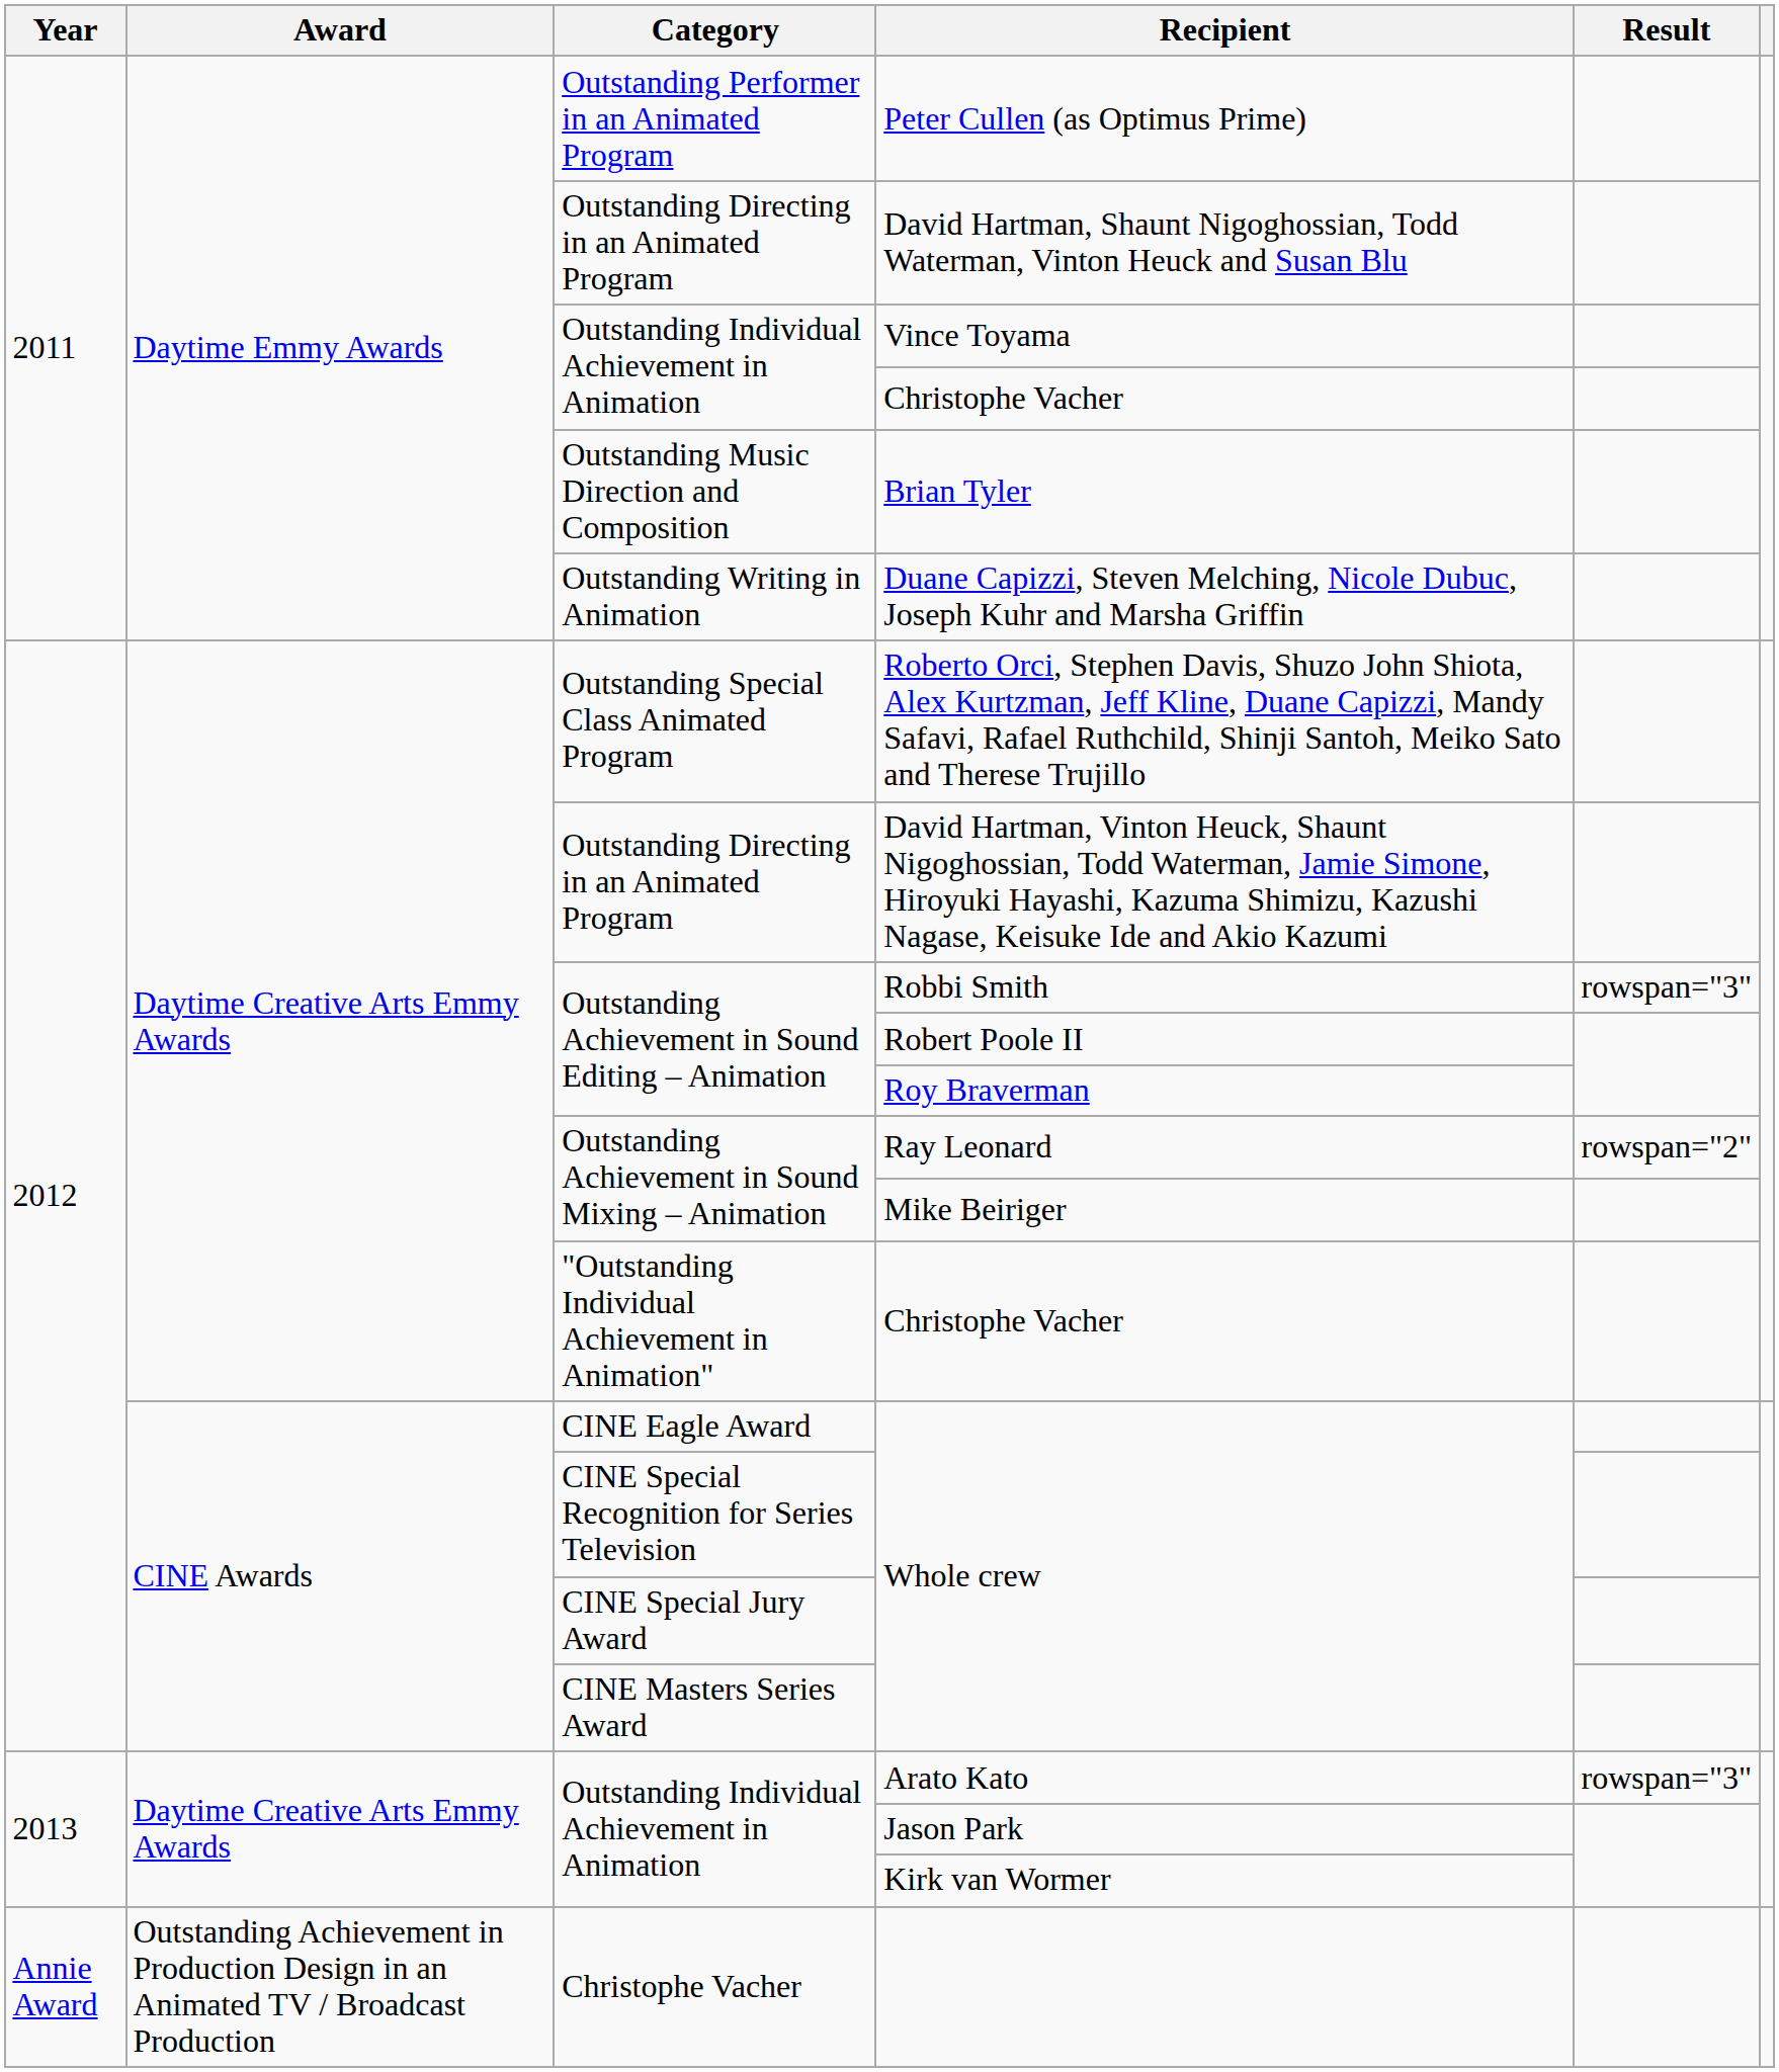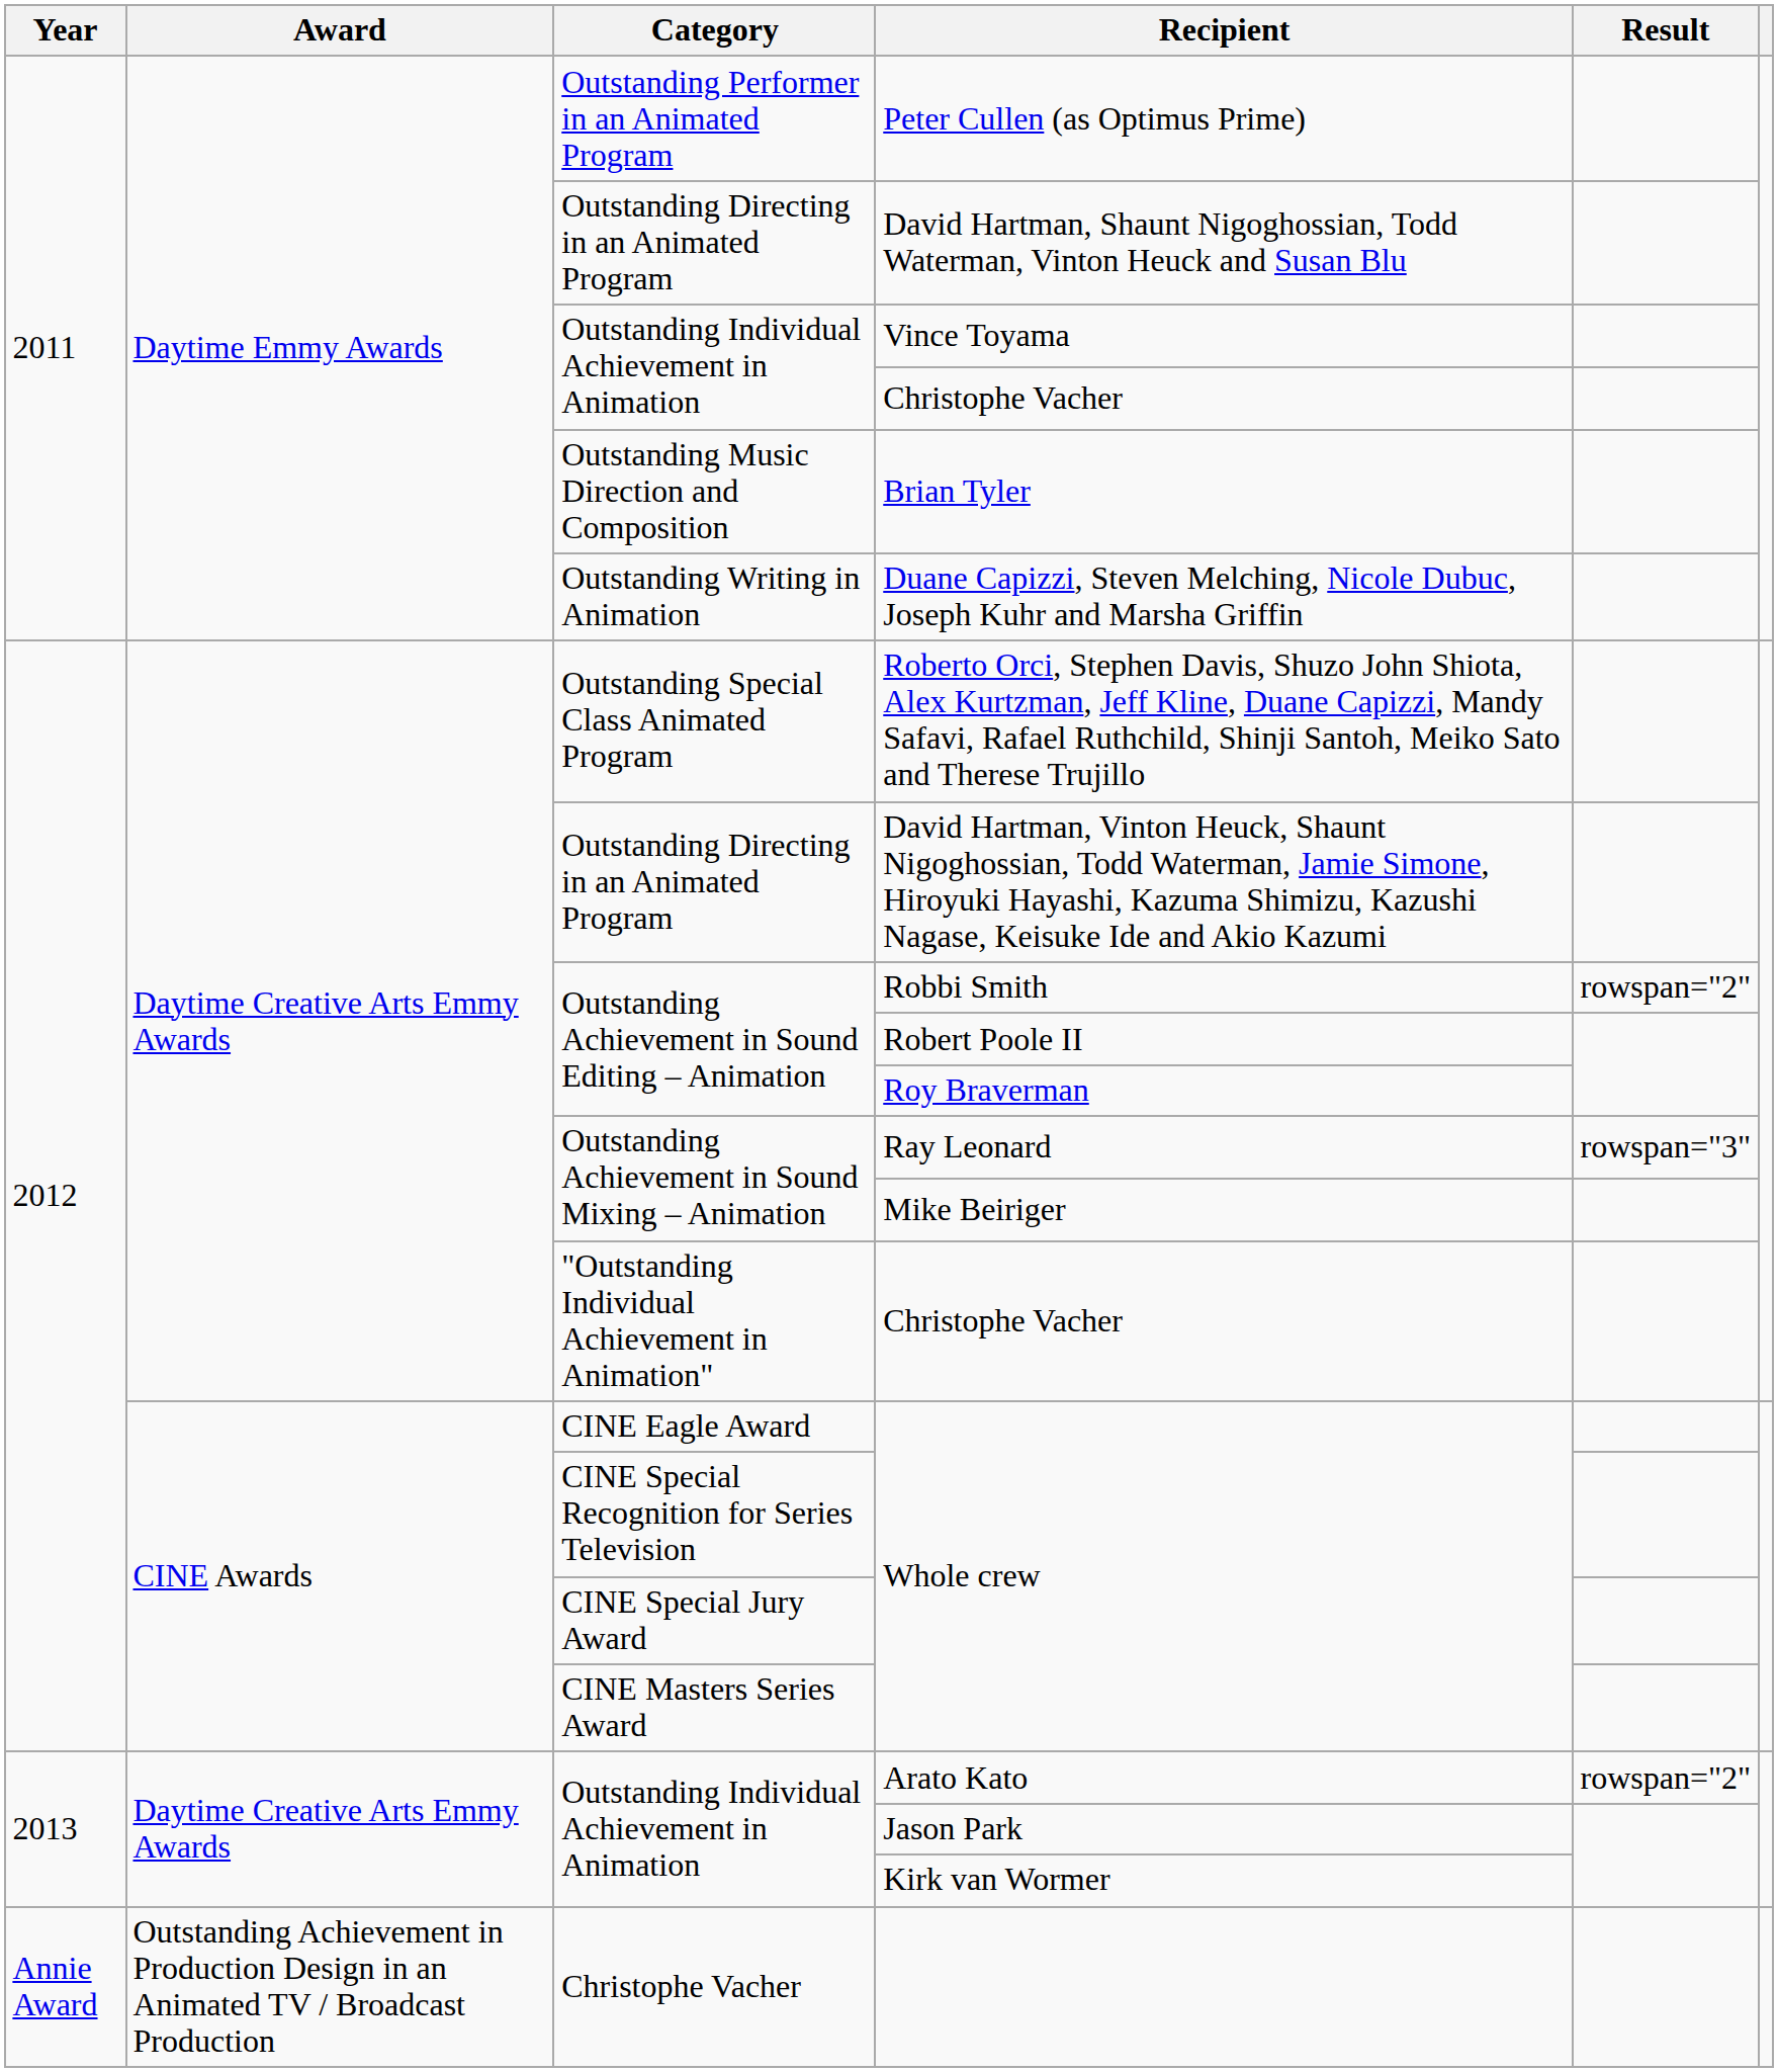 <table class="wikitable sortable" style="width: 99%;">
 <tr>
 <th>Year</th>
 <th>Award</th>
 <th>Category</th>
 <th>Recipient</th>
 <th>Result</th>
 <th scope="col" class="unsortable"></th>
 </tr>
 <tr>
 <td rowspan="6">2011</td>
 <td rowspan="6"><a href='#'>Daytime Emmy Awards</a></td>
 <td><a href='#'>Outstanding Performer in an Animated Program</a></td>
 <td><a href='#'>Peter Cullen</a> (as Optimus Prime)</td>
 <td></td>
 <td rowspan="6" style="text-align:center;"></td>
 </tr>
 <tr>
 <td>Outstanding Directing in an Animated Program</td>
 <td>David Hartman, Shaunt Nigoghossian, Todd Waterman, Vinton Heuck and <a href='#'>Susan Blu</a></td>
 <td></td>
 </tr>
 <tr>
 <td rowspan="2">Outstanding Individual Achievement in Animation</td>
 <td>Vince Toyama</td>
 <td></td>
 </tr>
 <tr>
 <td>Christophe Vacher</td>
 <td></td>
 </tr>
 <tr>
 <td>Outstanding Music Direction and Composition</td>
 <td><a href='#'>Brian Tyler</a></td>
 <td></td>
 </tr>
 <tr>
 <td>Outstanding Writing in Animation</td>
 <td><a href='#'>Duane Capizzi</a>, Steven Melching, <a href='#'>Nicole Dubuc</a>, Joseph Kuhr and Marsha Griffin</td>
 <td></td>
 </tr>
 <tr>
 <td rowspan="12">2012</td>
 <td rowspan="8"><a href='#'>Daytime Creative Arts Emmy Awards</a></td>
 <td>Outstanding Special Class Animated Program</td>
 <td><a href='#'>Roberto Orci</a>, Stephen Davis, Shuzo John Shiota, <a href='#'>Alex Kurtzman</a>, <a href='#'>Jeff Kline</a>, <a href='#'>Duane Capizzi</a>, Mandy Safavi, Rafael Ruthchild, Shinji Santoh, Meiko Sato and Therese Trujillo</td>
 <td></td>
 <td rowspan="8" style="text-align:center;"></td>
 </tr>
 <tr>
 <td>Outstanding Directing in an Animated Program</td>
 <td>David Hartman, Vinton Heuck, Shaunt Nigoghossian, Todd Waterman, <a href='#'>Jamie Simone</a>, Hiroyuki Hayashi, Kazuma Shimizu, Kazushi Nagase, Keisuke Ide and Akio Kazumi</td>
 <td></td>
 </tr>
 <tr>
 <td rowspan="3">Outstanding Achievement in Sound Editing – Animation</td>
 <td>Robbi Smith</td>
-<td>rowspan="3"  </td>
+<td>rowspan="2"  </td>
 </tr>
 <tr>
 <td>Robert Poole II</td>
 </tr>
 <tr>
 <td><a href='#'>Roy Braverman</a></td>
 </tr>
 <tr>
 <td rowspan="2">Outstanding Achievement in Sound Mixing – Animation</td>
 <td>Ray Leonard</td>
-<td>rowspan="2"  </td>
+<td>rowspan="3"  </td>
 </tr>
 <tr>
 <td>Mike Beiriger</td>
 </tr>
 <tr>
 <td>"Outstanding Individual Achievement in Animation"</td>
 <td>Christophe Vacher</td>
 <td></td>
 </tr>
 <tr>
 <td rowspan="4"><a href='#'>CINE</a> Awards</td>
 <td>CINE Eagle Award</td>
 <td rowspan="4">Whole crew</td>
 <td></td>
 <td rowspan="4" style="text-align:center;"></td>
 </tr>
 <tr>
 <td>CINE Special Recognition for Series Television</td>
 <td></td>
 </tr>
 <tr>
 <td>CINE Special Jury Award</td>
 <td></td>
 </tr>
 <tr>
 <td>CINE Masters Series Award</td>
 <td></td>
 </tr>
 <tr>
 <td rowspan="4">2013</td>
 <td rowspan="3"><a href='#'>Daytime Creative Arts Emmy Awards</a></td>
 <td rowspan="3">Outstanding Individual Achievement in Animation</td>
 <td>Arato Kato</td>
-<td>rowspan="3" </td>
+<td>rowspan="2"  </td>
 <td rowspan="3"></td>
 </tr>
 <tr>
 <td>Jason Park</td>
 </tr>
 <tr>
 <td>Kirk van Wormer</td>
 </tr>
 <tr>
 </tr>
 <tr>
 <td><a href='#'>Annie Award</a></td>
 <td>Outstanding Achievement in Production Design in an Animated TV / Broadcast Production</td>
 <td>Christophe Vacher</td>
 <td></td>
 <td></td>
 </tr>
 </table>
